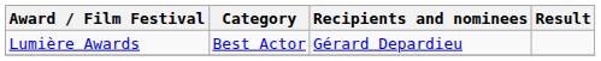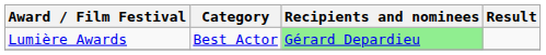 <table class="wikitable plainrowheaders sortable">
 <tr style="background:#ccc; text-align:center;">
 <th scope="col">Award / Film Festival</th>
 <th scope="col">Category</th>
 <th scope="col">Recipients and nominees</th>
 <th scope="col">Result</th>
 </tr>
 <tr>
 <td><a href='#'>Lumière Awards</a></td>
 <td><a href='#'>Best Actor</a></td>
-<td><a href='#'>Gérard Depardieu</a></td>
+<td style="background: lightgreen;"><a href='#'>Gérard Depardieu</a></td>
 <td></td>
 </tr>
 <tr>
 </tr>
 </table>
